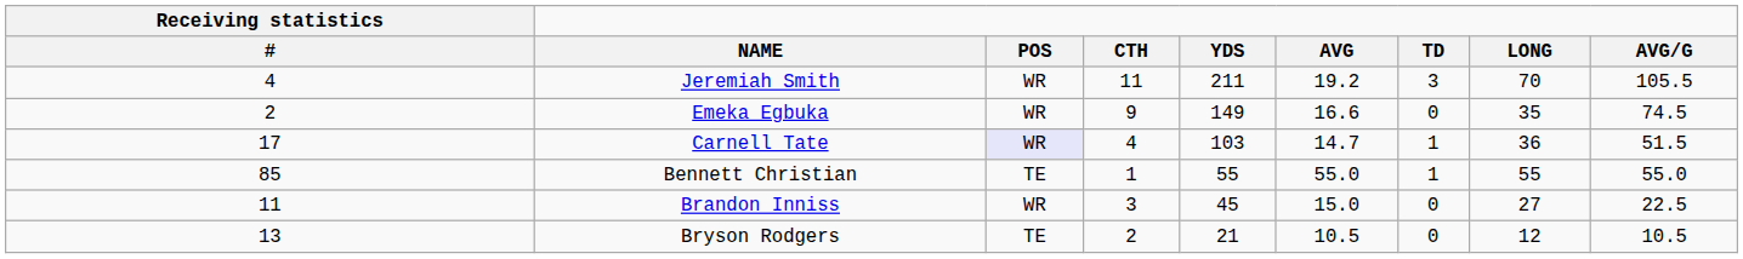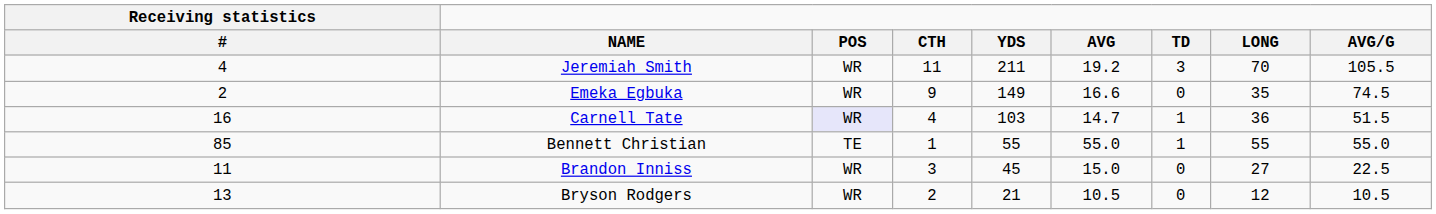 <table style="width:60%; text-align:center;" class="wikitable collapsible collapsed">
 <tr>
 <th style="text-align:center; ">Receiving statistics</th>
 </tr>
 <tr>
 <th>#</th>
 <th>NAME</th>
 <th>POS</th>
 <th>CTH</th>
 <th>YDS</th>
 <th>AVG</th>
 <th>TD</th>
 <th>LONG</th>
 <th>AVG/G</th>
 </tr>
 <tr>
 <td>4</td>
 <td><a href='#'>Jeremiah Smith</a></td>
 <td>WR</td>
 <td>11</td>
 <td>211</td>
 <td>19.2</td>
 <td>3</td>
 <td>70</td>
 <td>105.5</td>
 </tr>
 <tr>
 <td>2</td>
 <td><a href='#'>Emeka Egbuka</a></td>
 <td>WR</td>
 <td>9</td>
 <td>149</td>
 <td>16.6</td>
 <td>0</td>
 <td>35</td>
 <td>74.5</td>
 </tr>
 <tr>
-<td>17</td>
+<td>16</td>
 <td><a href='#'>Carnell Tate</a></td>
 <td style="background: lavender;">WR</td>
 <td>4</td>
 <td>103</td>
 <td>14.7</td>
 <td>1</td>
 <td>36</td>
 <td>51.5</td>
 </tr>
 <tr>
 <td>85</td>
 <td>Bennett Christian</td>
 <td>TE</td>
 <td>1</td>
 <td>55</td>
 <td>55.0</td>
 <td>1</td>
 <td>55</td>
 <td>55.0</td>
 </tr>
 <tr>
 <td>11</td>
 <td><a href='#'>Brandon Inniss</a></td>
 <td>WR</td>
 <td>3</td>
 <td>45</td>
 <td>15.0</td>
 <td>0</td>
 <td>27</td>
 <td>22.5</td>
 </tr>
 <tr>
 <td>13</td>
 <td>Bryson Rodgers</td>
-<td>TE</td>
+<td>WR</td>
 <td>2</td>
 <td>21</td>
 <td>10.5</td>
 <td>0</td>
 <td>12</td>
 <td>10.5</td>
 </tr>
 </table>
